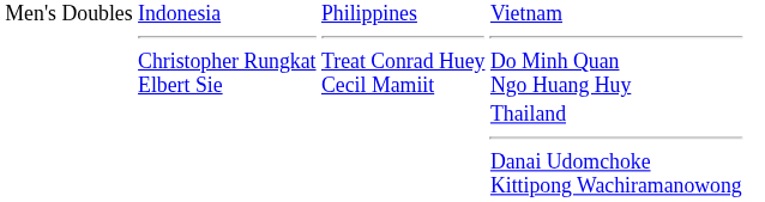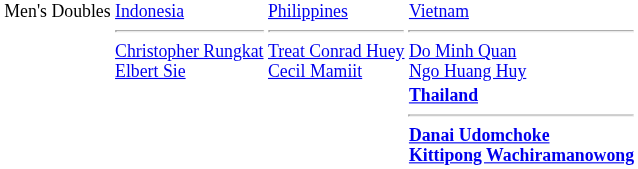 <table>
 <tr style="vertical-align:top">
 <td rowspan=2>Men's Doubles</td>
 <td rowspan=2> <a href='#'>Indonesia</a> <hr> <a href='#'>Christopher Rungkat</a><br><a href='#'>Elbert Sie</a></td>
 <td rowspan=2> <a href='#'>Philippines</a> <hr> <a href='#'>Treat Conrad Huey</a><br><a href='#'>Cecil Mamiit</a></td>
 <td> <a href='#'>Vietnam</a> <hr> <a href='#'>Do Minh Quan</a><br><a href='#'>Ngo Huang Huy</a></td>
 </tr>
 <tr>
-<td> <a href='#'>Thailand</a> <hr> <a href='#'>Danai Udomchoke</a><br><a href='#'>Kittipong Wachiramanowong</a></td>
+<td><strong> <a href='#'>Thailand</a> <hr> <a href='#'>Danai Udomchoke</a><br><a href='#'>Kittipong Wachiramanowong</a></strong></td>
 </tr>
 <tr>
 </tr>
 </table>
